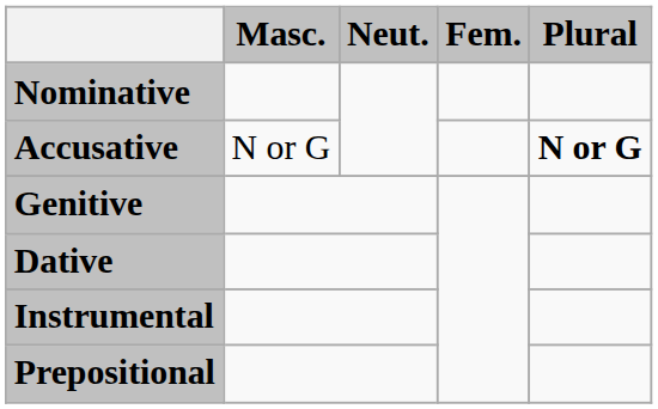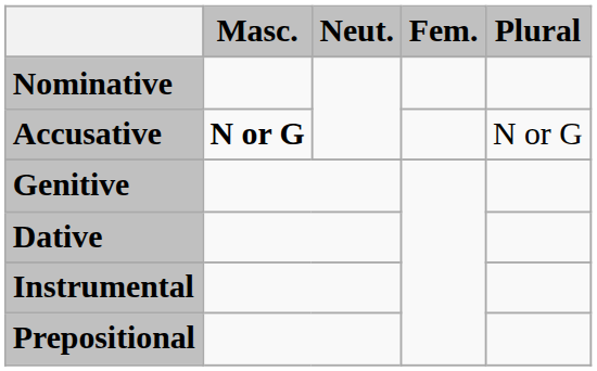 <table class="wikitable" style="display: inline-table;">
 <tr>
 <th></th>
 <th style="background:#C0C0C0">Masc.</th>
 <th style="background:#C0C0C0">Neut.</th>
 <th style="background:#C0C0C0">Fem.</th>
 <th style="background:#C0C0C0">Plural</th>
 </tr>
 <tr>
 <td style="background:#C0C0C0"><strong>Nominative</strong></td>
 <td></td>
 <td rowspan="2"></td>
 <td></td>
 <td></td>
 </tr>
 <tr>
 <td style="background:#C0C0C0"><strong>Accusative</strong></td>
+<td><strong>N or G</strong></td>
+<td></td>
 <td>N or G</td>
-<td></td>
-<td><strong>N or G</strong></td>
 </tr>
 <tr>
 <td style="background:#C0C0C0"><strong>Genitive</strong></td>
 <td colspan="2"></td>
 <td rowspan="4"></td>
 <td></td>
 </tr>
 <tr>
 <td style="background:#C0C0C0"><strong>Dative</strong></td>
 <td colspan="2"></td>
 <td></td>
 </tr>
 <tr>
 <td style="background:#C0C0C0"><strong>Instrumental</strong></td>
 <td colspan="2"></td>
 <td></td>
 </tr>
 <tr>
 <td style="background:#C0C0C0"><strong>Prepositional</strong></td>
 <td colspan="2"></td>
 <td></td>
 </tr>
 </table>
